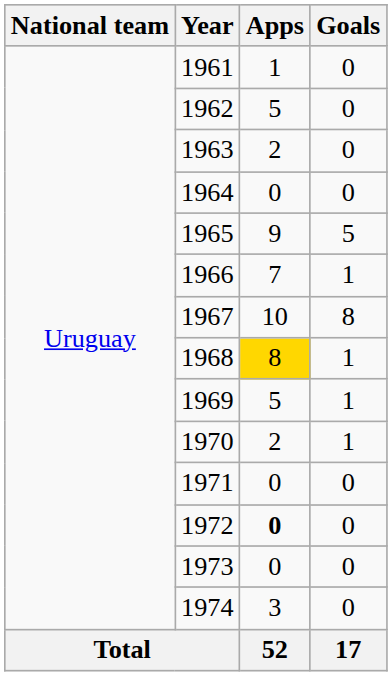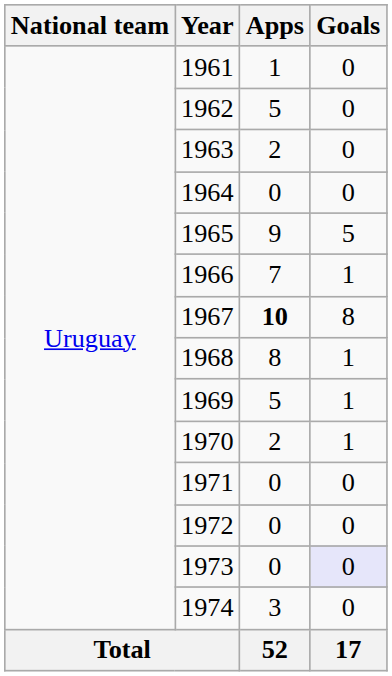 <table class="wikitable" style="text-align:center">
 <tr>
 <th>National team</th>
 <th>Year</th>
 <th>Apps</th>
 <th>Goals</th>
 </tr>
 <tr>
 <td rowspan="14"><a href='#'>Uruguay</a></td>
 <td>1961</td>
 <td>1</td>
 <td>0</td>
 </tr>
 <tr>
 <td>1962</td>
 <td>5</td>
 <td>0</td>
 </tr>
 <tr>
 <td>1963</td>
 <td>2</td>
 <td>0</td>
 </tr>
 <tr>
 <td>1964</td>
 <td>0</td>
 <td>0</td>
 </tr>
 <tr>
 <td>1965</td>
 <td>9</td>
 <td>5</td>
 </tr>
 <tr>
 <td>1966</td>
 <td>7</td>
 <td>1</td>
 </tr>
 <tr>
 <td>1967</td>
-<td>10</td>
+<td><strong>10</strong></td>
 <td>8</td>
 </tr>
 <tr>
 <td>1968</td>
-<td style="background: gold;">8</td>
+<td>8</td>
 <td>1</td>
 </tr>
 <tr>
 <td>1969</td>
 <td>5</td>
 <td>1</td>
 </tr>
 <tr>
 <td>1970</td>
 <td>2</td>
 <td>1</td>
 </tr>
 <tr>
 <td>1971</td>
 <td>0</td>
 <td>0</td>
 </tr>
 <tr>
 <td>1972</td>
-<td><strong>0</strong></td>
+<td>0</td>
 <td>0</td>
 </tr>
 <tr>
 <td>1973</td>
 <td>0</td>
-<td>0</td>
+<td style="background: lavender;">0</td>
 </tr>
 <tr>
 <td>1974</td>
 <td>3</td>
 <td>0</td>
 </tr>
 <tr>
 <th colspan="2">Total</th>
 <th>52</th>
 <th>17</th>
 </tr>
 </table>
